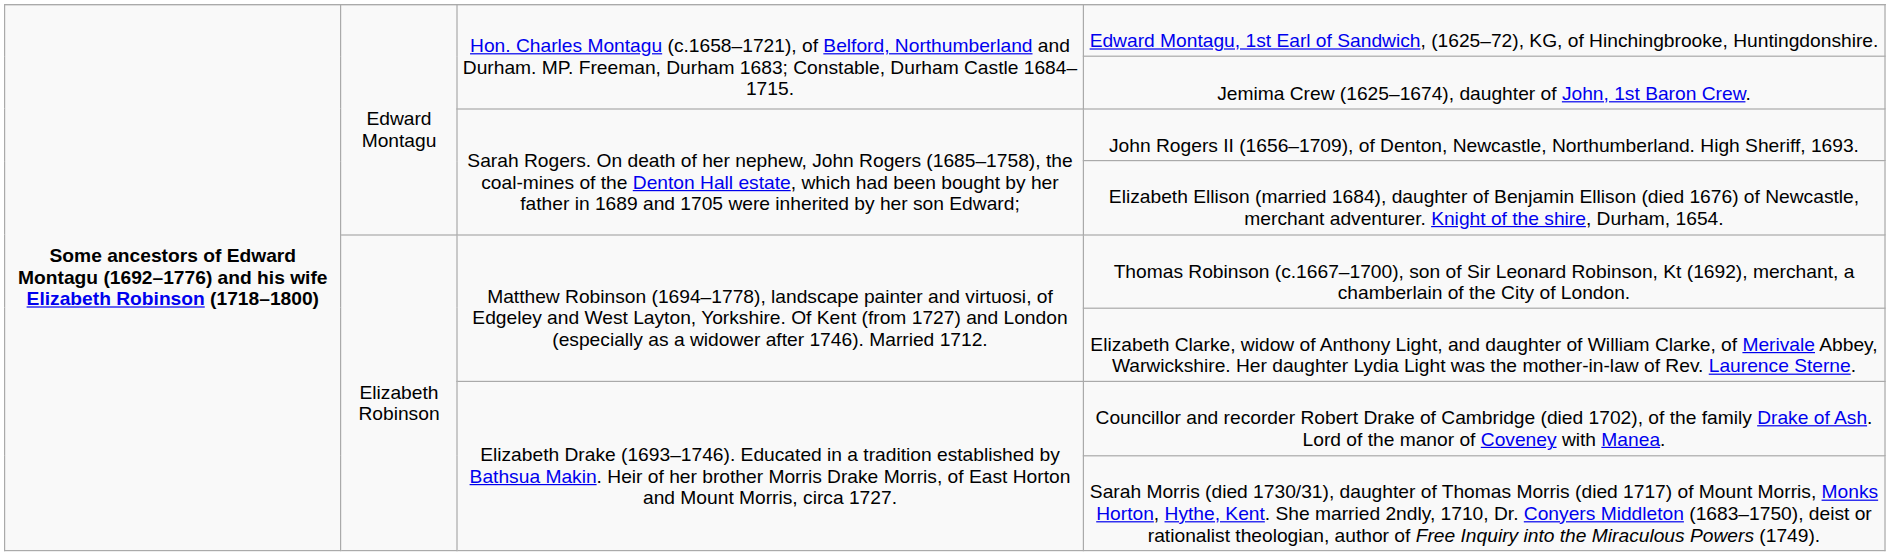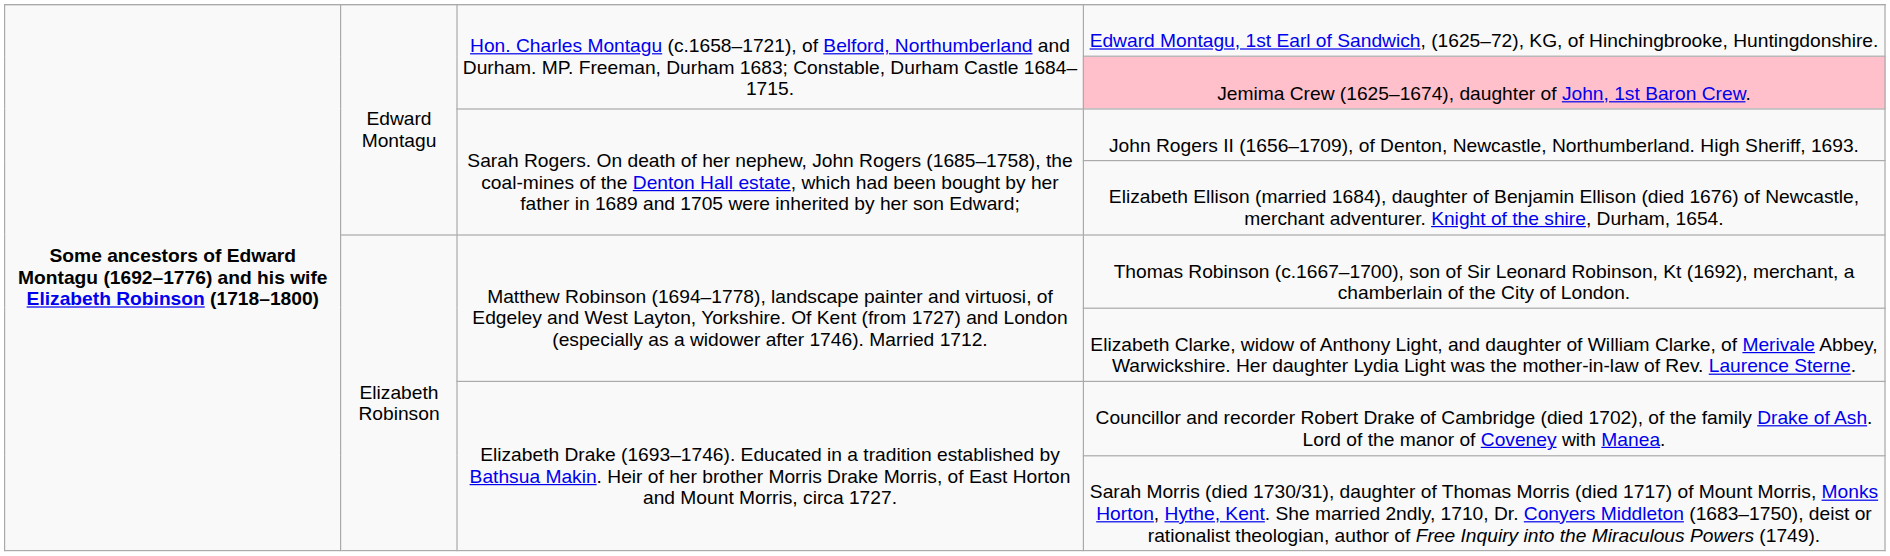 <table class="wikitable">
 <tr>
 </tr>
 <tr>
 <td rowspan="8" align="center"><strong>Some ancestors of Edward Montagu (1692–1776) and his wife <a href='#'>Elizabeth Robinson</a> (1718–1800)</strong></td>
 <td rowspan="4" align="center"><br>Edward Montagu</td>
 <td rowspan="2" align="center"><br><a href='#'>Hon. Charles Montagu</a> (c.1658–1721), of <a href='#'>Belford, Northumberland</a> and Durham. MP. Freeman, Durham 1683; Constable, Durham Castle 1684–1715.</td>
 <td align="center"><br><a href='#'>Edward Montagu, 1st Earl of Sandwich</a>, (1625–72), KG, of Hinchingbrooke, Huntingdonshire.</td>
 </tr>
 <tr>
-<td align="center"><br>Jemima Crew (1625–1674), daughter of <a href='#'>John, 1st Baron Crew</a>.</td>
+<td align="center" style="background: pink;"><br>Jemima Crew (1625–1674), daughter of <a href='#'>John, 1st Baron Crew</a>.</td>
 </tr>
 <tr>
 <td rowspan="2" align="center"><br>Sarah Rogers. On death of her nephew, John Rogers (1685–1758), the coal-mines of the <a href='#'>Denton Hall estate</a>, which had been bought by her father in 1689 and 1705 were inherited by her son Edward;</td>
 <td align="center"><br>John Rogers II (1656–1709), of Denton, Newcastle, Northumberland. High Sheriff, 1693.</td>
 </tr>
 <tr>
 <td align="center"><br>Elizabeth Ellison (married 1684), daughter of Benjamin Ellison (died 1676) of Newcastle, merchant adventurer. <a href='#'>Knight of the shire</a>, Durham, 1654.</td>
 </tr>
 <tr>
 <td rowspan="4" align="center"><br>Elizabeth Robinson</td>
 <td rowspan="2" align="center"><br>Matthew Robinson (1694–1778), landscape painter and virtuosi, of Edgeley and West Layton, Yorkshire. Of Kent (from 1727) and London (especially as a widower after 1746). Married 1712.</td>
 <td align="center"><br>Thomas Robinson (c.1667–1700), son of Sir Leonard Robinson, Kt (1692), merchant, a chamberlain of the City of London.</td>
 </tr>
 <tr>
 <td align="center"><br>Elizabeth Clarke, widow of Anthony Light, and daughter of William Clarke, of <a href='#'>Merivale</a> Abbey, Warwickshire. Her daughter Lydia Light was the mother-in-law of Rev. <a href='#'>Laurence Sterne</a>.</td>
 </tr>
 <tr>
 <td rowspan="2" align="center"><br>Elizabeth Drake (1693–1746). Educated in a tradition established by <a href='#'>Bathsua Makin</a>. Heir of her brother Morris Drake Morris, of East Horton and Mount Morris, circa 1727.</td>
 <td align="center"><br>Councillor and recorder Robert Drake of Cambridge (died 1702), of the family <a href='#'>Drake of Ash</a>. Lord of the manor of <a href='#'>Coveney</a> with <a href='#'>Manea</a>.</td>
 </tr>
 <tr>
 <td align="center"><br>Sarah Morris (died 1730/31), daughter of Thomas Morris (died 1717) of Mount Morris, <a href='#'>Monks Horton</a>, <a href='#'>Hythe, Kent</a>. She married 2ndly, 1710, Dr. <a href='#'>Conyers Middleton</a> (1683–1750), deist or rationalist theologian, author of <em>Free Inquiry into the Miraculous Powers</em> (1749).</td>
 </tr>
 </table>
